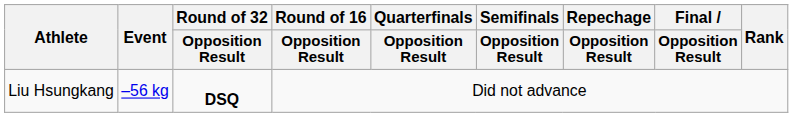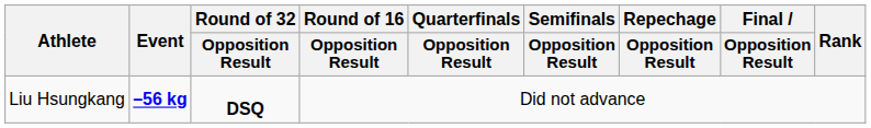 <table class=wikitable style=font-size:90%;text-align:center>
 <tr>
 <th rowspan="2">Athlete</th>
 <th rowspan="2">Event</th>
 <th>Round of 32</th>
 <th>Round of 16</th>
 <th>Quarterfinals</th>
 <th>Semifinals</th>
 <th>Repechage</th>
 <th>Final / </th>
 <th rowspan=2>Rank</th>
 </tr>
 <tr style="font-size:95%">
 <th>Opposition<br>Result</th>
 <th>Opposition<br>Result</th>
 <th>Opposition<br>Result</th>
 <th>Opposition<br>Result</th>
 <th>Opposition<br>Result</th>
 <th>Opposition<br>Result</th>
 </tr>
 <tr>
 <td align=left>Liu Hsungkang</td>
-<td align=left><a href='#'>–56 kg</a></td>
+<td align=left><strong><a href='#'>–56 kg</a></strong></td>
 <td><br><strong>DSQ</strong></td>
 <td colspan=6>Did not advance</td>
 </tr>
 </table>
